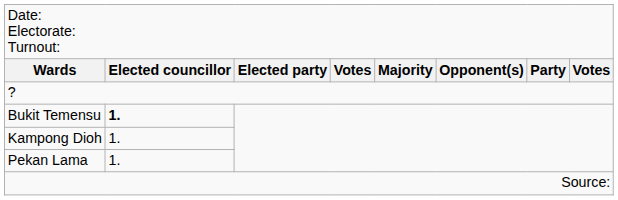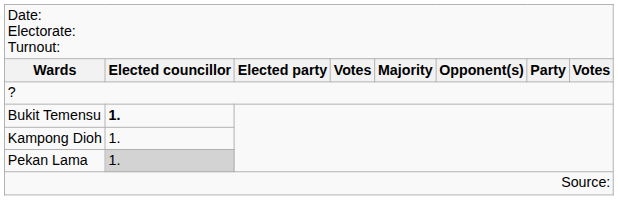 <table class=wikitable>
 <tr>
 <td colspan=8>Date: <br>Electorate: <br>Turnout:</td>
 </tr>
 <tr>
 <th>Wards</th>
 <th>Elected councillor</th>
 <th>Elected party</th>
 <th>Votes</th>
 <th>Majority</th>
 <th>Opponent(s)</th>
 <th>Party</th>
 <th>Votes</th>
 </tr>
 <tr>
 <td colspan=8>? </td>
 </tr>
 <tr>
 <td>Bukit Temensu</td>
 <td><strong>1.</strong></td>
 </tr>
 <tr>
 <td>Kampong Dioh</td>
 <td>1.</td>
 </tr>
 <tr>
 <td>Pekan Lama</td>
-<td>1.</td>
+<td style="background: lightgrey;">1.</td>
 </tr>
 <tr>
 <td colspan=8 align=right>Source:</td>
 </tr>
 </table>
